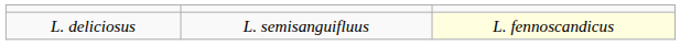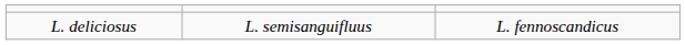 <table class="wikitable" style="width:640px; margin: 1em auto; text-align: center;">
 <tr>
 <td></td>
 <td></td>
 <td></td>
 </tr>
 <tr>
 <td><em>L. deliciosus</em></td>
 <td><em>L. semisanguifluus</em></td>
-<td style="background: lightyellow;"><em>L. fennoscandicus</em></td>
+<td><em>L. fennoscandicus</em></td>
 </tr>
 </table>
